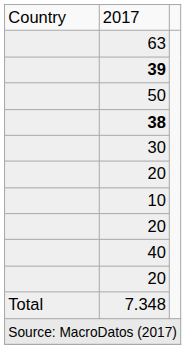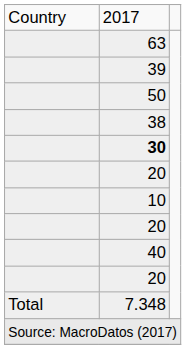 <table class="wikitable">
 <tr>
 <td>Country</td>
 <td>2017</td>
 <td></td>
 </tr>
 <tr bgcolor="efefef">
 <td></td>
 <td align=right>63</td>
 </tr>
 <tr bgcolor="efefef">
 <td></td>
-<td align=right><strong>39</strong></td>
+<td align=right>39</td>
 </tr>
 <tr bgcolor="efefef">
 <td></td>
 <td align=right>50</td>
 </tr>
 <tr bgcolor="efefef">
 <td></td>
-<td align=right><strong>38</strong></td>
+<td align=right>38</td>
 </tr>
 <tr bgcolor="efefef">
 <td></td>
-<td align=right>30</td>
+<td align=right><strong>30</strong></td>
 </tr>
 <tr bgcolor="efefef">
 <td></td>
 <td align=right>20</td>
 </tr>
 <tr bgcolor="efefef">
 <td></td>
 <td align=right>10</td>
 </tr>
 <tr bgcolor="efefef">
 <td></td>
 <td align=right>20</td>
 </tr>
 <tr bgcolor="efefef">
 <td></td>
 <td align=right>40</td>
 </tr>
 <tr bgcolor="efefef">
 <td></td>
 <td align=right>20</td>
 </tr>
 <tr bgcolor="efefef">
 <td>Total</td>
 <td align=right>7.348</td>
 </tr>
 <tr bgcolor="efefef">
 <td colspan=3 style="background:#e9e9e9;" align=center><small>Source: MacroDatos (2017)</small></td>
 </tr>
 <tr>
 </tr>
 </table>
